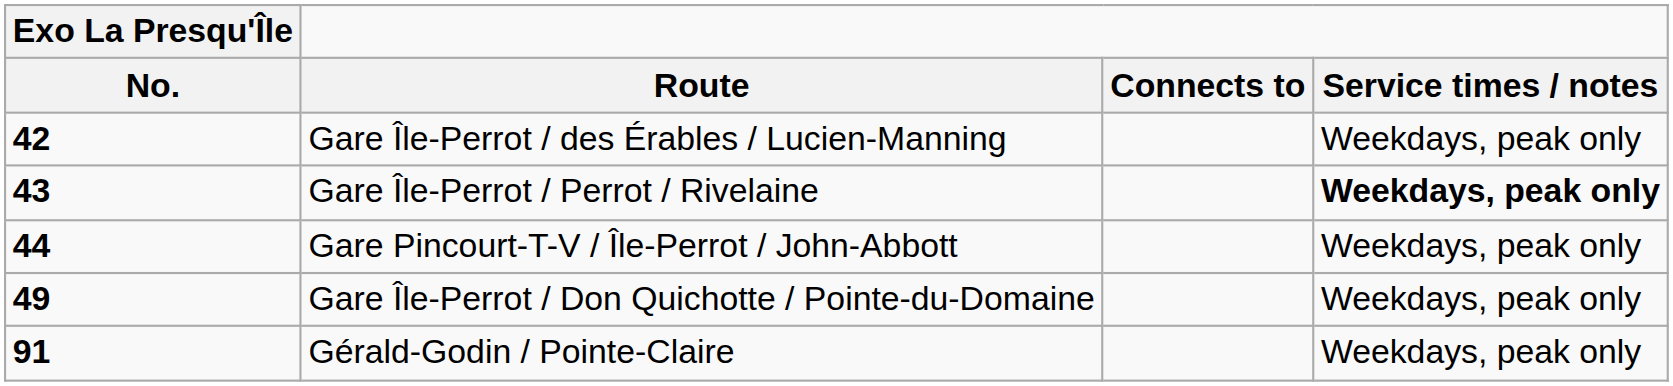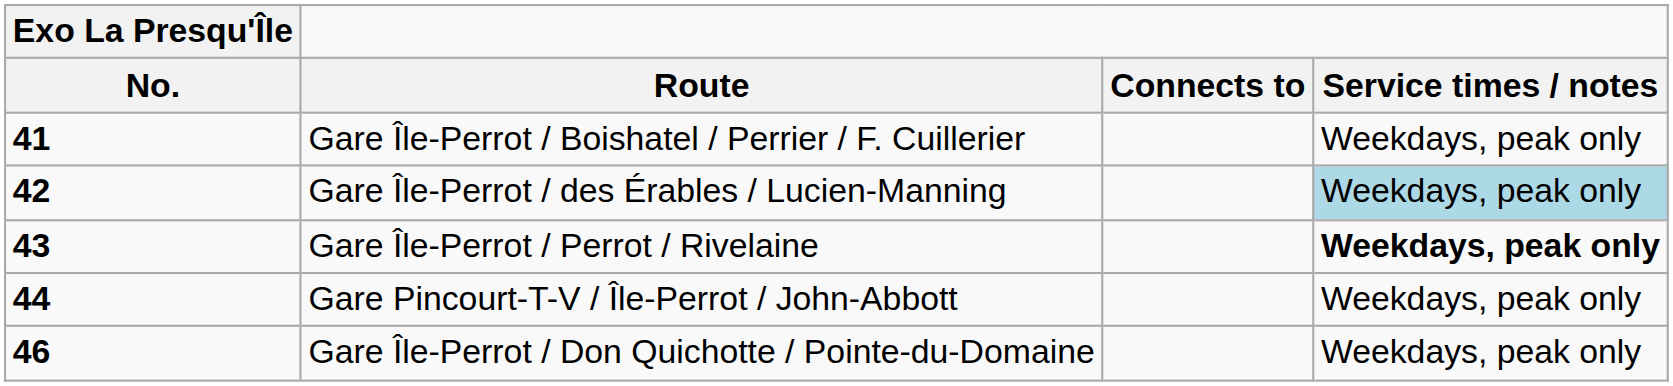 <table align=center class="wikitable">
 <tr>
 <th style="background: #">Exo La Presqu'Île</th>
 </tr>
 <tr>
 <th>No.</th>
 <th>Route</th>
 <th>Connects to</th>
 <th>Service times / notes</th>
 </tr>
 <tr>
+<td {{border> <strong>41</strong></td>
+<td>Gare Île-Perrot / Boishatel / Perrier / F. Cuillerier</td>
+<td></td>
+<td>Weekdays, peak only</td>
+</tr>
+<tr>
 <td {{border> <strong>42</strong></td>
 <td>Gare Île-Perrot / des Érables / Lucien-Manning</td>
 <td> </td>
-<td>Weekdays, peak only</td>
+<td style="background: lightblue;">Weekdays, peak only</td>
 </tr>
 <tr>
 <td {{border> <strong>43</strong></td>
 <td>Gare Île-Perrot / Perrot / Rivelaine</td>
 <td></td>
 <td><strong>Weekdays, peak only</strong></td>
 </tr>
 <tr>
 <td {{border> <strong>44</strong></td>
 <td>Gare Pincourt-T-V / Île-Perrot / John-Abbott</td>
 <td></td>
 <td>Weekdays, peak only</td>
 </tr>
 <tr>
-<td {{border> <strong>49</strong></td>
+<td {{border> <strong>46</strong></td>
 <td>Gare Île-Perrot / Don Quichotte / Pointe-du-Domaine</td>
 <td></td>
 <td>Weekdays, peak only</td>
 </tr>
-<tr>
-<td {{border> <strong>91</strong></td>
-<td>Gérald-Godin / Pointe-Claire</td>
-<td></td>
-<td>Weekdays, peak only</td>
-</tr>
 </table>
